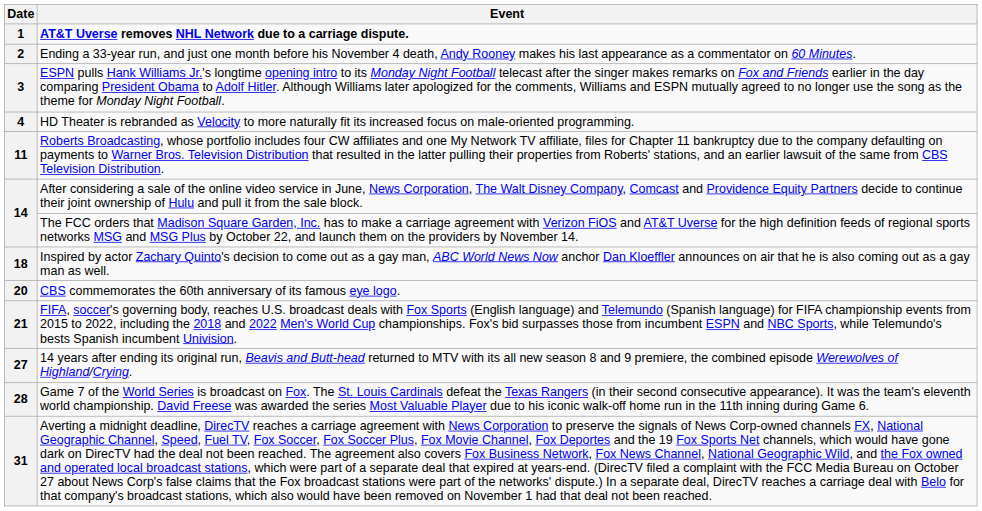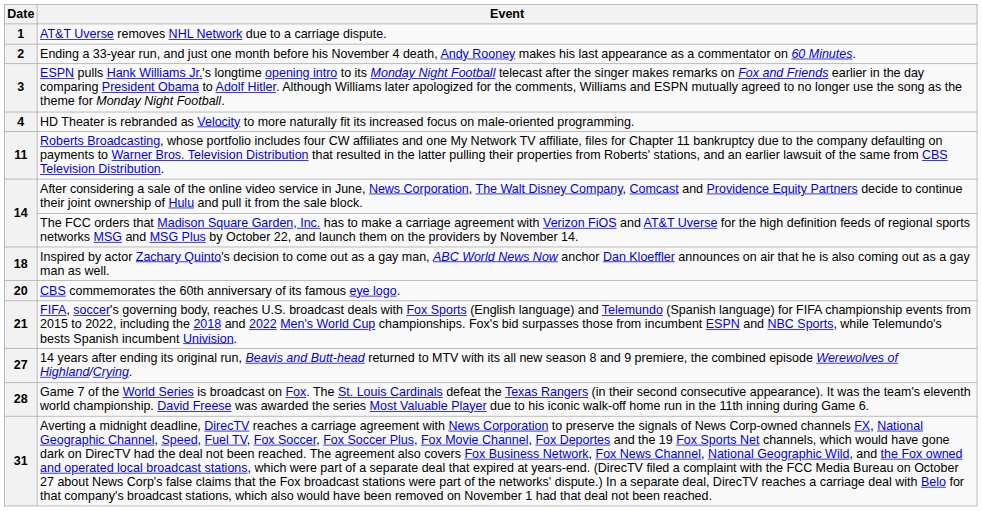 <table class="wikitable">
 <tr>
 <th>Date</th>
 <th>Event</th>
 </tr>
 <tr>
 <th>1</th>
-<td><strong><a href='#'>AT&T Uverse</a> removes <a href='#'>NHL Network</a> due to a carriage dispute.</strong></td>
+<td><a href='#'>AT&T Uverse</a> removes <a href='#'>NHL Network</a> due to a carriage dispute.</td>
 </tr>
 <tr>
 <th>2</th>
 <td>Ending a 33-year run, and just one month before his November 4 death, <a href='#'>Andy Rooney</a> makes his last appearance as a commentator on <em><a href='#'>60 Minutes</a></em>.</td>
 </tr>
 <tr>
 <th>3</th>
 <td><a href='#'>ESPN</a> pulls <a href='#'>Hank Williams Jr.</a>'s longtime <a href='#'>opening intro</a> to its <em><a href='#'>Monday Night Football</a></em> telecast after the singer makes remarks on <em><a href='#'>Fox and Friends</a></em> earlier in the day comparing <a href='#'>President Obama</a> to <a href='#'>Adolf Hitler</a>. Although Williams later apologized for the comments, Williams and ESPN mutually agreed to no longer use the song as the theme for <em>Monday Night Football</em>.</td>
 </tr>
 <tr>
 <th>4</th>
 <td>HD Theater is rebranded as <a href='#'>Velocity</a> to more naturally fit its increased focus on male-oriented programming.</td>
 </tr>
 <tr>
 <th>11</th>
 <td><a href='#'>Roberts Broadcasting</a>, whose portfolio includes four CW affiliates and one My Network TV affiliate, files for Chapter 11 bankruptcy due to the company defaulting on payments to <a href='#'>Warner Bros. Television Distribution</a> that resulted in the latter pulling their properties from Roberts' stations, and an earlier lawsuit of the same from <a href='#'>CBS Television Distribution</a>.</td>
 </tr>
 <tr>
 <th rowspan="2">14</th>
 <td>After considering a sale of the online video service in June, <a href='#'>News Corporation</a>, <a href='#'>The Walt Disney Company</a>, <a href='#'>Comcast</a> and <a href='#'>Providence Equity Partners</a> decide to continue their joint ownership of <a href='#'>Hulu</a> and pull it from the sale block.</td>
 </tr>
 <tr>
 <td>The FCC orders that <a href='#'>Madison Square Garden, Inc.</a> has to make a carriage agreement with <a href='#'>Verizon FiOS</a> and <a href='#'>AT&T Uverse</a> for the high definition feeds of regional sports networks <a href='#'>MSG</a> and <a href='#'>MSG Plus</a> by October 22, and launch them on the providers by November 14.</td>
 </tr>
 <tr>
 <th>18</th>
 <td>Inspired by actor <a href='#'>Zachary Quinto</a>'s decision to come out as a gay man, <em><a href='#'>ABC World News Now</a></em> anchor <a href='#'>Dan Kloeffler</a> announces on air that he is also coming out as a gay man as well.</td>
 </tr>
 <tr>
 <th>20</th>
 <td><a href='#'>CBS</a> commemorates the 60th anniversary of its famous <a href='#'>eye logo</a>.</td>
 </tr>
 <tr>
 <th>21</th>
 <td><a href='#'>FIFA</a>, <a href='#'>soccer</a>'s governing body, reaches U.S. broadcast deals with <a href='#'>Fox Sports</a> (English language) and <a href='#'>Telemundo</a> (Spanish language) for FIFA championship events from 2015 to 2022, including the <a href='#'>2018</a> and <a href='#'>2022</a> <a href='#'>Men's World Cup</a> championships.  Fox's bid surpasses those from incumbent <a href='#'>ESPN</a> and <a href='#'>NBC Sports</a>, while Telemundo's bests Spanish incumbent <a href='#'>Univision</a>.</td>
 </tr>
 <tr>
 <th>27</th>
 <td>14 years after ending its original run, <em><a href='#'>Beavis and Butt-head</a></em> returned to MTV with its all new season 8 and 9 premiere, the combined episode <em><a href='#'>Werewolves of Highland</a>/<a href='#'>Crying</a></em>.</td>
 </tr>
 <tr>
 <th>28</th>
 <td>Game 7 of the <a href='#'>World Series</a> is broadcast on <a href='#'>Fox</a>. The <a href='#'>St. Louis Cardinals</a> defeat the <a href='#'>Texas Rangers</a> (in their second consecutive appearance). It was the team's eleventh world championship. <a href='#'>David Freese</a> was awarded the series <a href='#'>Most Valuable Player</a> due to his iconic walk-off home run in the 11th inning during Game 6.</td>
 </tr>
 <tr>
 <th>31</th>
 <td>Averting a midnight deadline, <a href='#'>DirecTV</a> reaches a carriage agreement with <a href='#'>News Corporation</a> to preserve the signals of News Corp-owned channels <a href='#'>FX</a>, <a href='#'>National Geographic Channel</a>, <a href='#'>Speed</a>, <a href='#'>Fuel TV</a>, <a href='#'>Fox Soccer</a>, <a href='#'>Fox Soccer Plus</a>, <a href='#'>Fox Movie Channel</a>, <a href='#'>Fox Deportes</a> and the 19 <a href='#'>Fox Sports Net</a> channels, which would have gone dark on DirecTV had the deal not been reached. The agreement also covers <a href='#'>Fox Business Network</a>, <a href='#'>Fox News Channel</a>, <a href='#'>National Geographic Wild</a>, and <a href='#'>the Fox owned and operated local broadcast stations</a>, which were part of a separate deal that expired at years-end. (DirecTV filed a complaint with the FCC Media Bureau on October 27 about News Corp's false claims that the Fox broadcast stations were part of the networks' dispute.)  In a separate deal, DirecTV reaches a carriage deal with <a href='#'>Belo</a> for that company's broadcast stations, which also would have been removed on November 1 had that deal not been reached.</td>
 </tr>
 </table>
